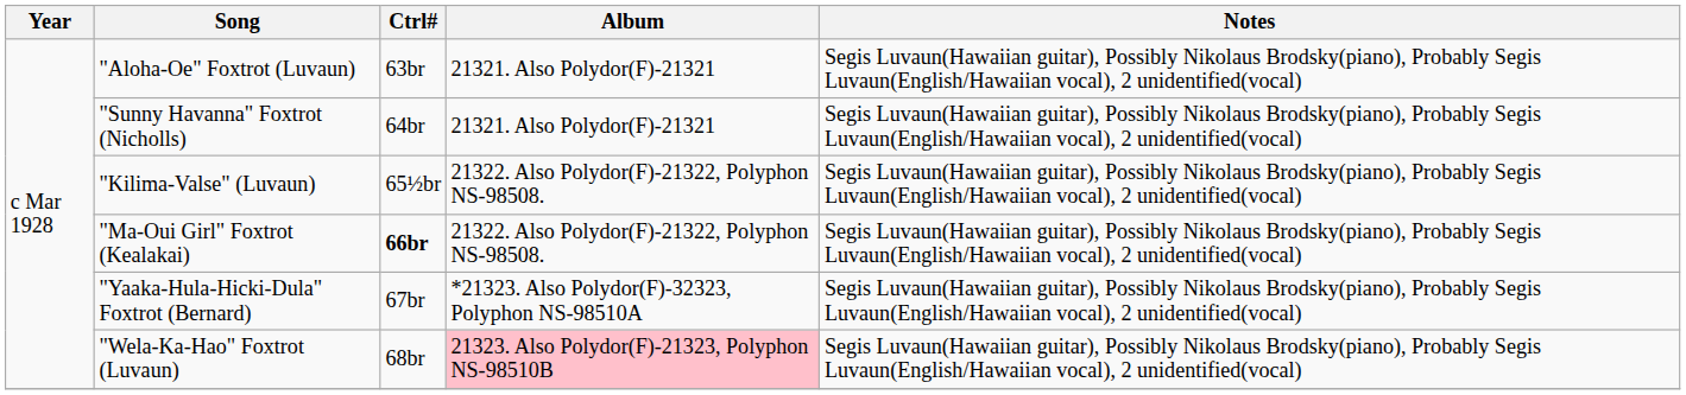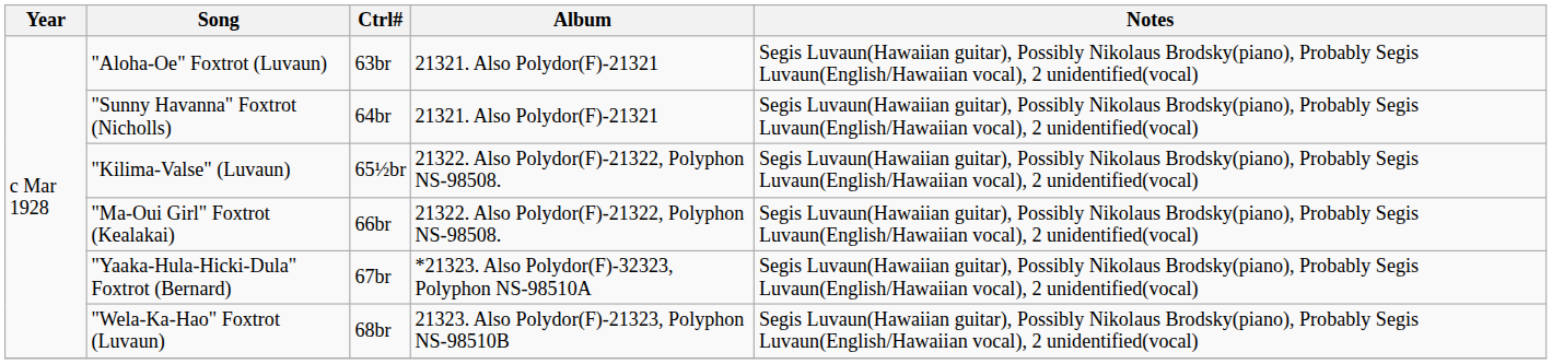 <table class="wikitable">
 <tr>
 <th>Year</th>
 <th>Song</th>
 <th>Ctrl#</th>
 <th>Album</th>
 <th>Notes</th>
 </tr>
 <tr>
 <td rowspan=6>c Mar 1928</td>
 <td>"Aloha-Oe" Foxtrot (Luvaun)</td>
 <td>63br</td>
 <td>21321. Also Polydor(F)-21321</td>
 <td>Segis Luvaun(Hawaiian guitar), Possibly Nikolaus Brodsky(piano), Probably Segis Luvaun(English/Hawaiian vocal), 2 unidentified(vocal)</td>
 </tr>
 <tr>
 <td>"Sunny Havanna" Foxtrot (Nicholls)</td>
 <td>64br</td>
 <td>21321. Also Polydor(F)-21321</td>
 <td>Segis Luvaun(Hawaiian guitar), Possibly Nikolaus Brodsky(piano), Probably Segis Luvaun(English/Hawaiian vocal), 2 unidentified(vocal)</td>
 </tr>
 <tr>
 <td>"Kilima-Valse" (Luvaun)</td>
 <td>65½br</td>
 <td>21322. Also Polydor(F)-21322, Polyphon NS-98508.</td>
 <td>Segis Luvaun(Hawaiian guitar), Possibly Nikolaus Brodsky(piano), Probably Segis Luvaun(English/Hawaiian vocal), 2 unidentified(vocal)</td>
 </tr>
 <tr>
 <td>"Ma-Oui Girl" Foxtrot (Kealakai)</td>
-<td><strong>66br</strong></td>
+<td>66br</td>
 <td>21322. Also Polydor(F)-21322, Polyphon NS-98508.</td>
 <td>Segis Luvaun(Hawaiian guitar), Possibly Nikolaus Brodsky(piano), Probably Segis Luvaun(English/Hawaiian vocal), 2 unidentified(vocal)</td>
 </tr>
 <tr>
 <td>"Yaaka-Hula-Hicki-Dula" Foxtrot (Bernard)</td>
 <td>67br</td>
 <td>*21323. Also Polydor(F)-32323, Polyphon NS-98510A</td>
 <td>Segis Luvaun(Hawaiian guitar), Possibly Nikolaus Brodsky(piano), Probably Segis Luvaun(English/Hawaiian vocal), 2 unidentified(vocal)</td>
 </tr>
 <tr>
 <td>"Wela-Ka-Hao" Foxtrot (Luvaun)</td>
 <td>68br</td>
-<td style="background: pink;">21323. Also Polydor(F)-21323, Polyphon NS-98510B</td>
+<td>21323. Also Polydor(F)-21323, Polyphon NS-98510B</td>
 <td>Segis Luvaun(Hawaiian guitar), Possibly Nikolaus Brodsky(piano), Probably Segis Luvaun(English/Hawaiian vocal), 2 unidentified(vocal)</td>
 </tr>
 <tr>
 </tr>
 </table>
